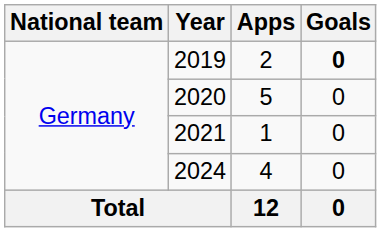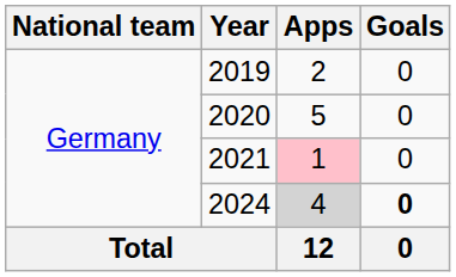 <table class="wikitable" style="text-align:center">
 <tr>
 <th>National team</th>
 <th>Year</th>
 <th>Apps</th>
 <th>Goals</th>
 </tr>
 <tr>
 <td rowspan="4"><a href='#'>Germany</a></td>
 <td>2019</td>
 <td>2</td>
-<td><strong>0</strong></td>
+<td>0</td>
 </tr>
 <tr>
 <td>2020</td>
 <td>5</td>
 <td>0</td>
 </tr>
 <tr>
 <td>2021</td>
-<td>1</td>
+<td style="background: pink;">1</td>
 <td>0</td>
 </tr>
 <tr>
 <td>2024</td>
-<td>4</td>
-<td>0</td>
+<td style="background: lightgrey;">4</td>
+<td><strong>0</strong></td>
 </tr>
 <tr>
 <th colspan="2">Total</th>
 <th>12</th>
 <th>0</th>
 </tr>
 </table>
